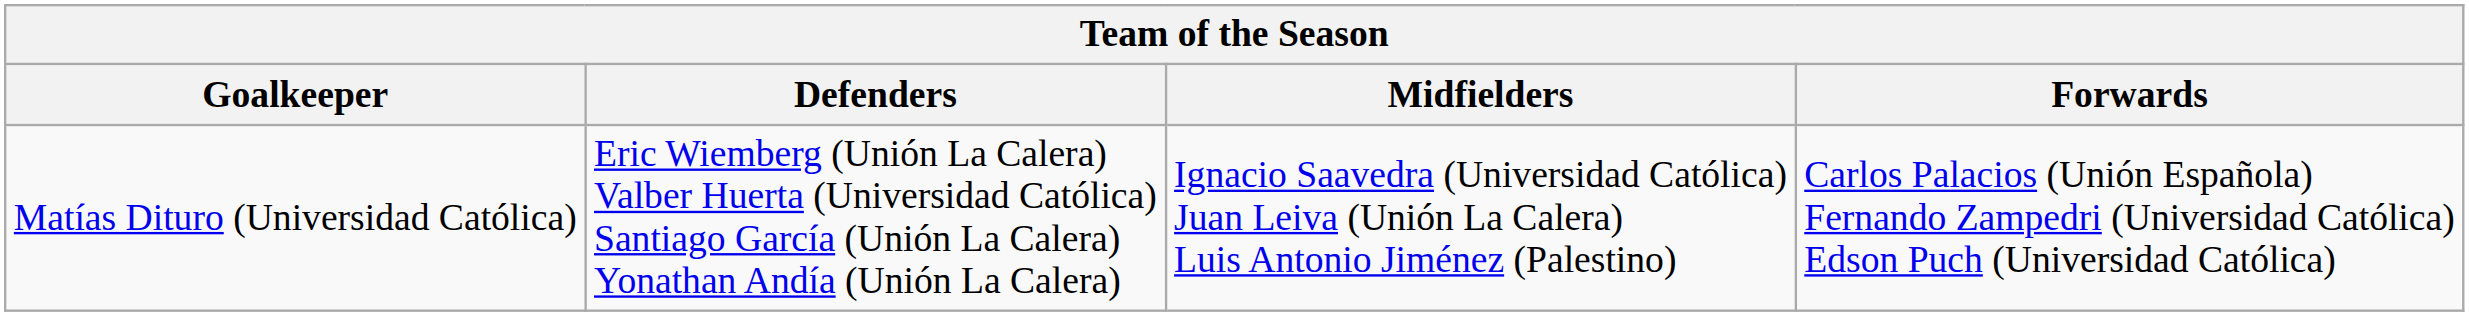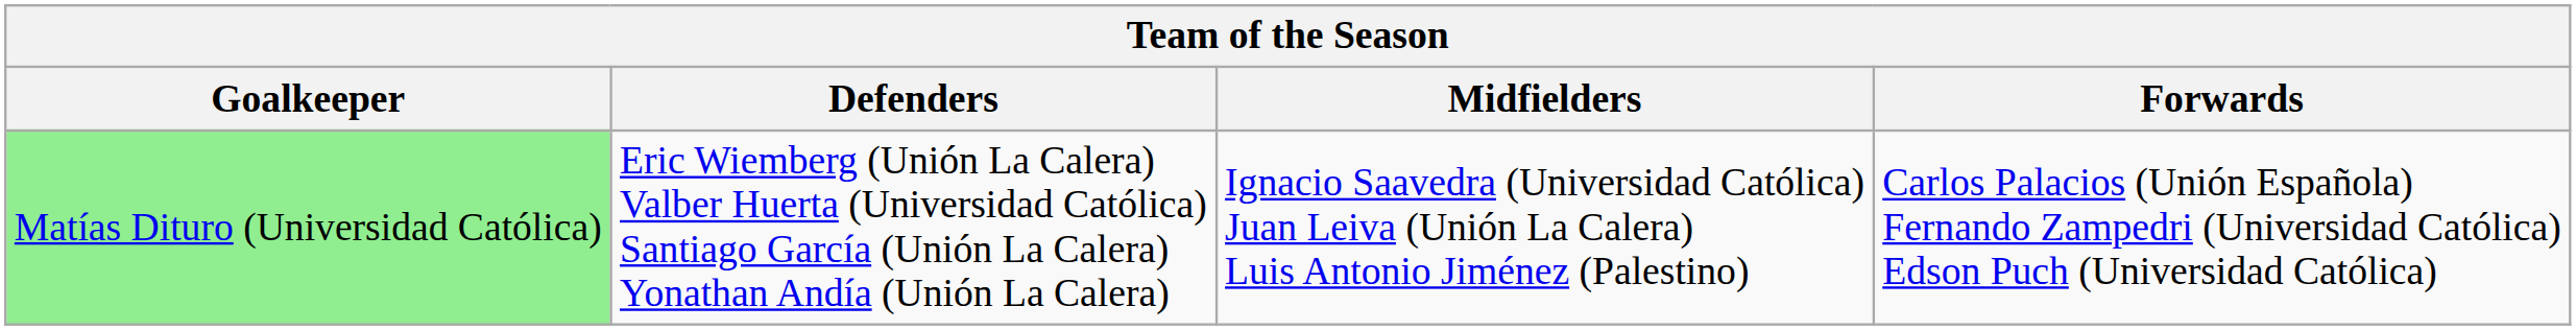 <table class="wikitable">
 <tr>
 <th colspan="13">Team of the Season</th>
 </tr>
 <tr>
 <th>Goalkeeper</th>
 <th>Defenders</th>
 <th>Midfielders</th>
 <th>Forwards</th>
 </tr>
 <tr>
-<td> <a href='#'>Matías Dituro</a> (Universidad Católica)</td>
+<td style="background: lightgreen;"> <a href='#'>Matías Dituro</a> (Universidad Católica)</td>
 <td> <a href='#'>Eric Wiemberg</a> (Unión La Calera)<br> <a href='#'>Valber Huerta</a> (Universidad Católica)<br> <a href='#'>Santiago García</a> (Unión La Calera)<br> <a href='#'>Yonathan Andía</a> (Unión La Calera)</td>
 <td> <a href='#'>Ignacio Saavedra</a> (Universidad Católica)<br> <a href='#'>Juan Leiva</a> (Unión La Calera)<br> <a href='#'>Luis Antonio Jiménez</a> (Palestino)</td>
 <td> <a href='#'>Carlos Palacios</a> (Unión Española)<br> <a href='#'>Fernando Zampedri</a> (Universidad Católica)<br> <a href='#'>Edson Puch</a> (Universidad Católica)</td>
 </tr>
 </table>
